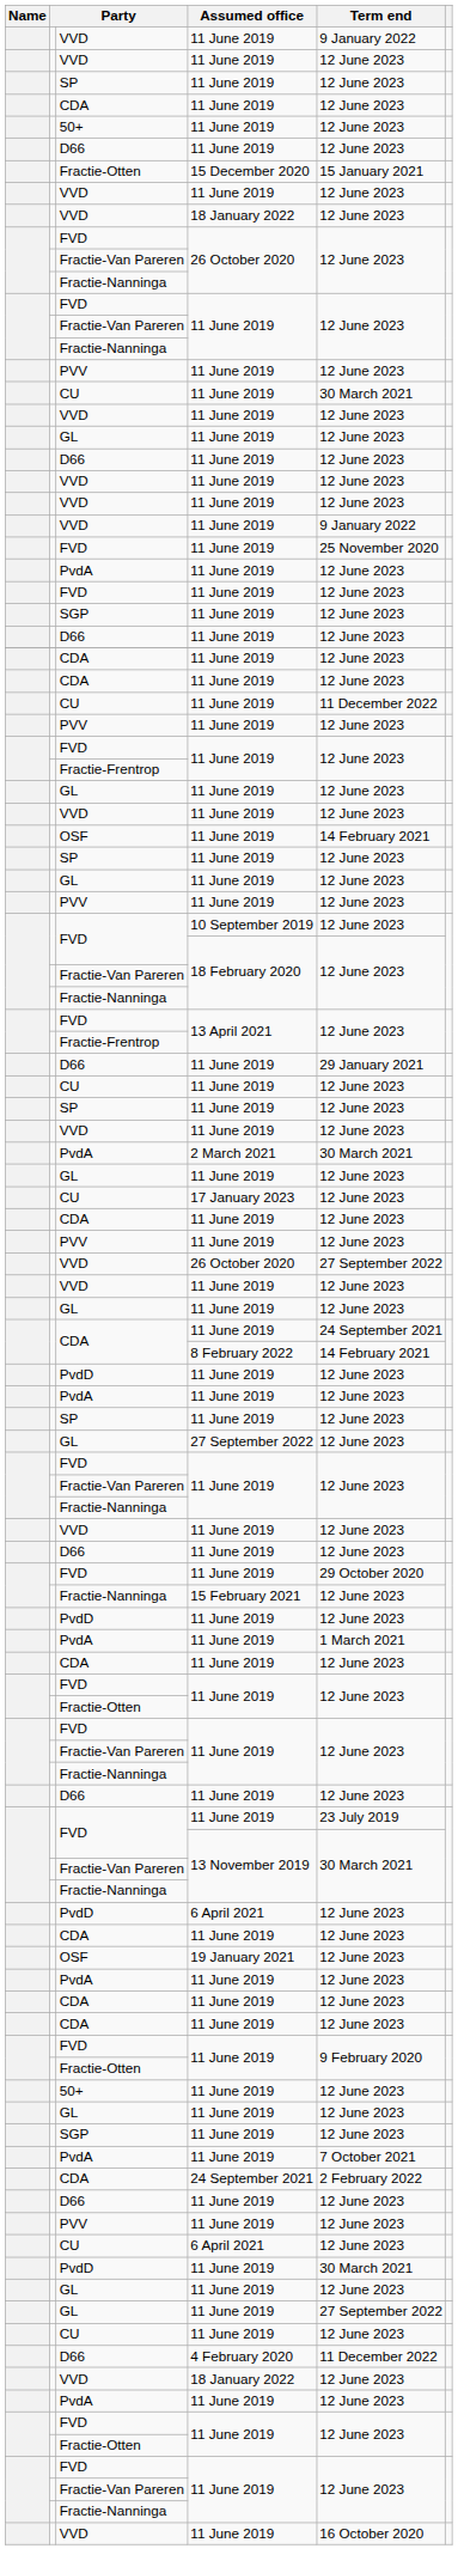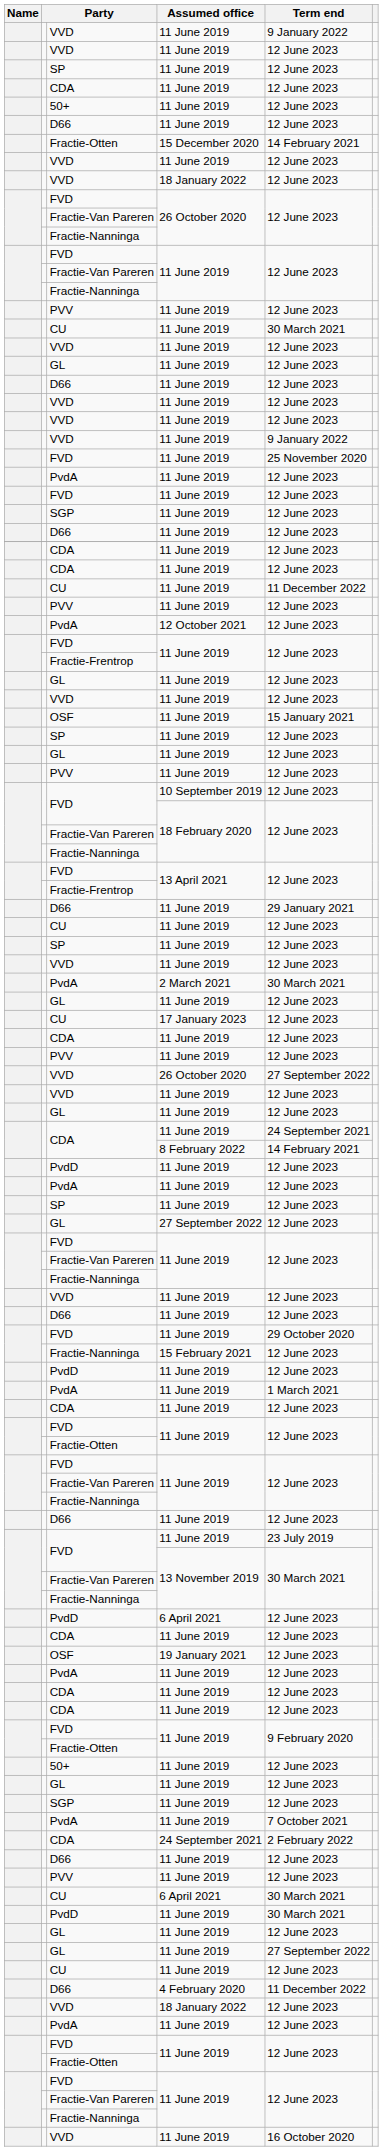 <table class="wikitable sortable">
 <tr>
 <th scope="col">Name</th>
 <th scope="colgroup" colspan=2>Party</th>
 <th scope="col" data-sort-type=date>Assumed office</th>
 <th scope="col" data-sort-type=date>Term end</th>
 <th scope="col" class="unsortable"></th>
 </tr>
 <tr>
 <th scope="row"></th>
 <td style="background-color:"></td>
 <td>VVD</td>
 <td>11 June 2019</td>
 <td>9 January 2022</td>
 <td></td>
 </tr>
 <tr>
 <th scope="row"></th>
 <td style="background-color:"></td>
 <td>VVD</td>
 <td>11 June 2019</td>
 <td>12 June 2023</td>
 <td></td>
 </tr>
 <tr>
 <th scope="row"></th>
 <td style="background-color:"></td>
 <td>SP</td>
 <td>11 June 2019</td>
 <td>12 June 2023</td>
 <td></td>
 </tr>
 <tr>
 <th scope="row"></th>
 <td style="background-color:"></td>
 <td>CDA</td>
 <td>11 June 2019</td>
 <td>12 June 2023</td>
 <td></td>
 </tr>
 <tr>
 <th scope="row"></th>
 <td style="background-color:"></td>
 <td>50+</td>
 <td>11 June 2019</td>
 <td>12 June 2023</td>
 <td></td>
 </tr>
 <tr>
 <th scope="row"></th>
 <td style="background-color:"></td>
 <td>D66</td>
 <td>11 June 2019</td>
 <td>12 June 2023</td>
 <td></td>
 </tr>
 <tr>
 <th scope="row"></th>
 <td style="background-color:"></td>
 <td>Fractie-Otten</td>
 <td>15 December 2020</td>
-<td>15 January 2021</td>
+<td>14 February 2021</td>
 <td></td>
 </tr>
 <tr>
 <th scope="row"></th>
 <td style="background-color:"></td>
 <td>VVD</td>
 <td>11 June 2019</td>
 <td>12 June 2023</td>
 <td></td>
 </tr>
 <tr>
 <th scope="row"></th>
 <td style="background-color:"></td>
 <td>VVD</td>
 <td>18 January 2022</td>
 <td>12 June 2023</td>
 <td></td>
 </tr>
 <tr>
 <th scope="rowgroup" rowspan="3"></th>
 <td style="background-color:"></td>
 <td>FVD</td>
 <td rowspan="3">26 October 2020</td>
 <td rowspan="3">12 June 2023</td>
 <td rowspan="3"></td>
 </tr>
 <tr>
 <td style="background-color:"></td>
 <td>Fractie-Van Pareren</td>
 </tr>
 <tr>
 <td style="background-color:"></td>
 <td>Fractie-Nanninga</td>
 </tr>
 <tr>
 <th scope="rowgroup" rowspan="3"></th>
 <td style="background-color:"></td>
 <td>FVD</td>
 <td rowspan="3">11 June 2019</td>
 <td rowspan="3">12 June 2023</td>
 <td rowspan="3"></td>
 </tr>
 <tr>
 <td style="background-color:"></td>
 <td>Fractie-Van Pareren</td>
 </tr>
 <tr>
 <td style="background-color:"></td>
 <td>Fractie-Nanninga</td>
 </tr>
 <tr>
 <th scope="row"></th>
 <td style="background-color:"></td>
 <td>PVV</td>
 <td>11 June 2019</td>
 <td>12 June 2023</td>
 <td></td>
 </tr>
 <tr>
 <th scope="row"></th>
 <td style="background-color:"></td>
 <td>CU</td>
 <td>11 June 2019</td>
 <td>30 March 2021</td>
 <td></td>
 </tr>
 <tr>
 <th scope="row"></th>
 <td style="background-color:"></td>
 <td>VVD</td>
 <td>11 June 2019</td>
 <td>12 June 2023</td>
 <td></td>
 </tr>
 <tr>
 <th scope="row"></th>
 <td style="background-color:"></td>
 <td>GL</td>
 <td>11 June 2019</td>
 <td>12 June 2023</td>
 <td></td>
 </tr>
 <tr>
 <th scope="row"></th>
 <td style="background-color:"></td>
 <td>D66</td>
 <td>11 June 2019</td>
 <td>12 June 2023</td>
 <td></td>
 </tr>
 <tr>
 <th scope="row"></th>
 <td style="background-color:"></td>
 <td>VVD</td>
 <td>11 June 2019</td>
 <td>12 June 2023</td>
 <td></td>
 </tr>
 <tr>
 <th scope="row"></th>
 <td style="background-color:"></td>
 <td>VVD</td>
 <td>11 June 2019</td>
 <td>12 June 2023</td>
 <td></td>
 </tr>
 <tr>
 <th scope="row"></th>
 <td style="background-color:"></td>
 <td>VVD</td>
 <td>11 June 2019</td>
 <td>9 January 2022</td>
 <td></td>
 </tr>
 <tr>
 <th scope="row"></th>
 <td style="background-color:"></td>
 <td>FVD</td>
 <td>11 June 2019</td>
 <td>25 November 2020</td>
 <td></td>
 </tr>
 <tr>
 <th scope="row"></th>
 <td style="background-color:"></td>
 <td>PvdA</td>
 <td>11 June 2019</td>
 <td>12 June 2023</td>
 <td></td>
 </tr>
 <tr>
 <th scope="row"></th>
 <td style="background-color:"></td>
 <td>FVD</td>
 <td>11 June 2019</td>
 <td>12 June 2023</td>
 <td></td>
 </tr>
 <tr>
 <th scope="row"></th>
 <td style="background-color:"></td>
 <td>SGP</td>
 <td>11 June 2019</td>
 <td>12 June 2023</td>
 <td></td>
 </tr>
 <tr>
 <th scope="row"></th>
 <td style="background-color:"></td>
 <td>D66</td>
 <td>11 June 2019</td>
 <td>12 June 2023</td>
 <td></td>
 </tr>
 <tr>
 </tr>
 <tr>
 <th scope="row"></th>
 <td style="background-color:"></td>
 <td>CDA</td>
 <td>11 June 2019</td>
 <td>12 June 2023</td>
 <td></td>
 </tr>
 <tr>
 <th scope="row"></th>
 <td style="background-color:"></td>
 <td>CDA</td>
 <td>11 June 2019</td>
 <td>12 June 2023</td>
 <td></td>
 </tr>
 <tr>
 <th scope="row"></th>
 <td style="background-color:"></td>
 <td>CU</td>
 <td>11 June 2019</td>
 <td>11 December 2022</td>
 <td></td>
 </tr>
 <tr>
 <th scope="row"></th>
 <td style="background-color:"></td>
 <td>PVV</td>
 <td>11 June 2019</td>
 <td>12 June 2023</td>
 <td></td>
 </tr>
 <tr>
+<th scope="row"></th>
+<td style="background-color:"></td>
+<td>PvdA</td>
+<td>12 October 2021</td>
+<td>12 June 2023</td>
+<td></td>
+</tr>
+<tr>
 <th scope="rowgroup" rowspan="2"></th>
 <td style="background-color:"></td>
 <td>FVD</td>
 <td rowspan="2">11 June 2019</td>
 <td rowspan="2">12 June 2023</td>
 <td rowspan="2"></td>
 </tr>
 <tr>
 <td style="background-color:"></td>
 <td>Fractie-Frentrop</td>
 </tr>
 <tr>
 <th scope="row"></th>
 <td style="background-color:"></td>
 <td>GL</td>
 <td>11 June 2019</td>
 <td>12 June 2023</td>
 <td></td>
 </tr>
 <tr>
 <th scope="row"></th>
 <td style="background-color:"></td>
 <td>VVD</td>
 <td>11 June 2019</td>
 <td>12 June 2023</td>
 <td></td>
 </tr>
 <tr>
 <th scope="row"></th>
 <td style="background-color:"></td>
 <td>OSF</td>
 <td>11 June 2019</td>
-<td>14 February 2021</td>
+<td>15 January 2021</td>
 <td></td>
 </tr>
 <tr>
 <th scope="row"></th>
 <td style="background-color:"></td>
 <td>SP</td>
 <td>11 June 2019</td>
 <td>12 June 2023</td>
 <td></td>
 </tr>
 <tr>
 <th scope="row"></th>
 <td style="background-color:"></td>
 <td>GL</td>
 <td>11 June 2019</td>
 <td>12 June 2023</td>
 <td></td>
 </tr>
 <tr>
 <th scope="row"></th>
 <td style="background-color:"></td>
 <td>PVV</td>
 <td>11 June 2019</td>
 <td>12 June 2023</td>
 <td></td>
 </tr>
 <tr>
 <th scope="rowgroup" rowspan="4"></th>
 <td rowspan="2" style="background-color:"></td>
 <td rowspan="2" style="line-height:1.067"> <br>FVD<br> </td>
 <td>10 September 2019</td>
 <td>12 June 2023</td>
 <td rowspan="4"></td>
 </tr>
 <tr>
 <td rowspan="3">18 February 2020</td>
 <td rowspan="3">12 June 2023</td>
 </tr>
 <tr>
 <td style="background-color:"></td>
 <td>Fractie-Van Pareren</td>
 </tr>
 <tr>
 <td style="background-color:"></td>
 <td>Fractie-Nanninga</td>
 </tr>
 <tr>
 <th scope="rowgroup" rowspan="2"></th>
 <td style="background-color:"></td>
 <td>FVD</td>
 <td rowspan="2">13 April 2021</td>
 <td rowspan="2">12 June 2023</td>
 <td rowspan="2"></td>
 </tr>
 <tr>
 <td style="background-color:"></td>
 <td>Fractie-Frentrop</td>
 </tr>
 <tr>
 <th scope="row"></th>
 <td style="background-color:"></td>
 <td>D66</td>
 <td>11 June 2019</td>
 <td>29 January 2021</td>
 <td></td>
 </tr>
 <tr>
 <th scope="row"></th>
 <td style="background-color:"></td>
 <td>CU</td>
 <td>11 June 2019</td>
 <td>12 June 2023</td>
 <td></td>
 </tr>
 <tr>
 <th scope="row"></th>
 <td style="background-color:"></td>
 <td>SP</td>
 <td>11 June 2019</td>
 <td>12 June 2023</td>
 <td></td>
 </tr>
 <tr>
 <th scope="row"></th>
 <td style="background-color:"></td>
 <td>VVD</td>
 <td>11 June 2019</td>
 <td>12 June 2023</td>
 <td></td>
 </tr>
 <tr>
 <th scope="row"></th>
 <td style="background-color:"></td>
 <td>PvdA</td>
 <td>2 March 2021</td>
 <td>30 March 2021</td>
 <td></td>
 </tr>
 <tr>
 <th scope="row"></th>
 <td style="background-color:"></td>
 <td>GL</td>
 <td>11 June 2019</td>
 <td>12 June 2023</td>
 <td></td>
 </tr>
 <tr>
 <th scope="row"></th>
 <td style="background-color:"></td>
 <td>CU</td>
 <td>17 January 2023</td>
 <td>12 June 2023</td>
 <td></td>
 </tr>
 <tr>
 <th scope="row"></th>
 <td style="background-color:"></td>
 <td>CDA</td>
 <td>11 June 2019</td>
 <td>12 June 2023</td>
 <td></td>
 </tr>
 <tr>
 <th scope="row"></th>
 <td style="background-color:"></td>
 <td>PVV</td>
 <td>11 June 2019</td>
 <td>12 June 2023</td>
 <td></td>
 </tr>
 <tr>
 <th scope="row"></th>
 <td style="background-color:"></td>
 <td>VVD</td>
 <td>26 October 2020</td>
 <td>27 September 2022</td>
 <td></td>
 </tr>
 <tr>
 <th scope="row"></th>
 <td style="background-color:"></td>
 <td>VVD</td>
 <td>11 June 2019</td>
 <td>12 June 2023</td>
 <td></td>
 </tr>
 <tr>
 <th scope="row"></th>
 <td style="background-color:"></td>
 <td>GL</td>
 <td>11 June 2019</td>
 <td>12 June 2023</td>
 <td></td>
 </tr>
 <tr>
 <th scope="rowgroup" rowspan="2"></th>
 <td rowspan="2" style="background-color:"></td>
 <td rowspan="2">CDA</td>
 <td>11 June 2019</td>
 <td>24 September 2021</td>
 <td rowspan="2"></td>
 </tr>
 <tr>
 <td>8 February 2022</td>
 <td>14 February 2021</td>
 </tr>
 <tr>
 <th scope="row"></th>
 <td style="background-color:"></td>
 <td>PvdD</td>
 <td>11 June 2019</td>
 <td>12 June 2023</td>
 <td></td>
 </tr>
 <tr>
 <th scope="row"></th>
 <td style="background-color:"></td>
 <td>PvdA</td>
 <td>11 June 2019</td>
 <td>12 June 2023</td>
 <td></td>
 </tr>
 <tr>
 <th scope="row"></th>
 <td style="background-color:"></td>
 <td>SP</td>
 <td>11 June 2019</td>
 <td>12 June 2023</td>
 <td></td>
 </tr>
 <tr>
 <th scope="row"></th>
 <td style="background-color:"></td>
 <td>GL</td>
 <td>27 September 2022</td>
 <td>12 June 2023</td>
 <td></td>
 </tr>
 <tr>
 <th scope="rowgroup" rowspan="3"></th>
 <td style="background-color:"></td>
 <td>FVD</td>
 <td rowspan="3">11 June 2019</td>
 <td rowspan="3">12 June 2023</td>
 <td rowspan="3"></td>
 </tr>
 <tr>
 <td style="background-color:"></td>
 <td>Fractie-Van Pareren</td>
 </tr>
 <tr>
 <td style="background-color:"></td>
 <td>Fractie-Nanninga</td>
 </tr>
 <tr>
 <th scope="row"></th>
 <td style="background-color:"></td>
 <td>VVD</td>
 <td>11 June 2019</td>
 <td>12 June 2023</td>
 <td></td>
 </tr>
 <tr>
 <th scope="row"></th>
 <td style="background-color:"></td>
 <td>D66</td>
 <td>11 June 2019</td>
 <td>12 June 2023</td>
 <td></td>
 </tr>
 <tr>
 <th scope="rowgroup" rowspan="2"></th>
 <td style="background-color:"></td>
 <td>FVD</td>
 <td>11 June 2019</td>
 <td>29 October 2020</td>
 <td rowspan="2"></td>
 </tr>
 <tr>
 <td style="background-color:"></td>
 <td>Fractie-Nanninga</td>
 <td>15 February 2021</td>
 <td>12 June 2023</td>
 </tr>
 <tr>
 <th scope="row"></th>
 <td style="background-color:"></td>
 <td>PvdD</td>
 <td>11 June 2019</td>
 <td>12 June 2023</td>
 <td></td>
 </tr>
 <tr>
 <th scope="row"></th>
 <td style="background-color:"></td>
 <td>PvdA</td>
 <td>11 June 2019</td>
 <td>1 March 2021</td>
 <td></td>
 </tr>
 <tr>
 <th scope="row"></th>
 <td style="background-color:"></td>
 <td>CDA</td>
 <td>11 June 2019</td>
 <td>12 June 2023</td>
 <td></td>
 </tr>
 <tr>
 <th scope="rowgroup" rowspan="2"></th>
 <td style="background-color:"></td>
 <td>FVD</td>
 <td rowspan="2">11 June 2019</td>
 <td rowspan="2">12 June 2023</td>
 <td rowspan="2"></td>
 </tr>
 <tr>
 <td style="background-color:"></td>
 <td>Fractie-Otten</td>
 </tr>
 <tr>
 <th scope="rowgroup" rowspan="3"></th>
 <td style="background-color:"></td>
 <td>FVD</td>
 <td rowspan="3">11 June 2019</td>
 <td rowspan="3">12 June 2023</td>
 <td rowspan="3"></td>
 </tr>
 <tr>
 <td style="background-color:"></td>
 <td>Fractie-Van Pareren</td>
 </tr>
 <tr>
 <td style="background-color:"></td>
 <td>Fractie-Nanninga</td>
 </tr>
 <tr>
 <th scope="row"></th>
 <td style="background-color:"></td>
 <td>D66</td>
 <td>11 June 2019</td>
 <td>12 June 2023</td>
 <td></td>
 </tr>
 <tr>
 <th scope="rowgroup" rowspan="4"></th>
 <td rowspan="2" style="background-color:"></td>
 <td rowspan="2" style="line-height:1.067"> <br>FVD<br> </td>
 <td>11 June 2019</td>
 <td>23 July 2019</td>
 <td rowspan="4"></td>
 </tr>
 <tr>
 <td rowspan="3">13 November 2019</td>
 <td rowspan="3">30 March 2021</td>
 </tr>
 <tr>
 <td style="background-color:"></td>
 <td>Fractie-Van Pareren</td>
 </tr>
 <tr>
 <td style="background-color:"></td>
 <td>Fractie-Nanninga</td>
 </tr>
 <tr>
 <th scope="row"></th>
 <td style="background-color:"></td>
 <td>PvdD</td>
 <td>6 April 2021</td>
 <td>12 June 2023</td>
 <td></td>
 </tr>
 <tr>
 <th scope="row"></th>
 <td style="background-color:"></td>
 <td>CDA</td>
 <td>11 June 2019</td>
 <td>12 June 2023</td>
 <td></td>
 </tr>
 <tr>
 <th scope="row"></th>
 <td style="background-color:"></td>
 <td>OSF</td>
 <td>19 January 2021</td>
 <td>12 June 2023</td>
 <td></td>
 </tr>
 <tr>
 <th scope="row"></th>
 <td style="background-color:"></td>
 <td>PvdA</td>
 <td>11 June 2019</td>
 <td>12 June 2023</td>
 <td></td>
 </tr>
 <tr>
 <th scope="row"></th>
 <td style="background-color:"></td>
 <td>CDA</td>
 <td>11 June 2019</td>
 <td>12 June 2023</td>
 <td></td>
 </tr>
 <tr>
 <th scope="row"></th>
 <td style="background-color:"></td>
 <td>CDA</td>
 <td>11 June 2019</td>
 <td>12 June 2023</td>
 <td></td>
 </tr>
 <tr>
 <th scope="rowgroup" rowspan="2"></th>
 <td style="background-color:"></td>
 <td>FVD</td>
 <td rowspan="2">11 June 2019</td>
 <td rowspan="2">9 February 2020</td>
 <td rowspan="2"></td>
 </tr>
 <tr>
 <td style="background-color:"></td>
 <td>Fractie-Otten</td>
 </tr>
 <tr>
 <th scope="row"></th>
 <td style="background-color:"></td>
 <td>50+</td>
 <td>11 June 2019</td>
 <td>12 June 2023</td>
 <td></td>
 </tr>
 <tr>
 <th scope="row"></th>
 <td style="background-color:"></td>
 <td>GL</td>
 <td>11 June 2019</td>
 <td>12 June 2023</td>
 <td></td>
 </tr>
 <tr>
 <th scope="row"></th>
 <td style="background-color:"></td>
 <td>SGP</td>
 <td>11 June 2019</td>
 <td>12 June 2023</td>
 <td></td>
 </tr>
 <tr>
 <th scope="row"></th>
 <td style="background-color:"></td>
 <td>PvdA</td>
 <td>11 June 2019</td>
 <td>7 October 2021</td>
 <td></td>
 </tr>
 <tr>
 <th scope="row"></th>
 <td style="background-color:"></td>
 <td>CDA</td>
 <td>24 September 2021</td>
 <td>2 February 2022</td>
 <td></td>
 </tr>
 <tr>
 <th scope="row"></th>
 <td style="background-color:"></td>
 <td>D66</td>
 <td>11 June 2019</td>
 <td>12 June 2023</td>
 <td></td>
 </tr>
 <tr>
 <th scope="row"></th>
 <td style="background-color:"></td>
 <td>PVV</td>
 <td>11 June 2019</td>
 <td>12 June 2023</td>
 <td></td>
 </tr>
 <tr>
 <th scope="row"></th>
 <td style="background-color:"></td>
 <td>CU</td>
 <td>6 April 2021</td>
-<td>12 June 2023</td>
+<td>30 March 2021</td>
 <td></td>
 </tr>
 <tr>
 <th scope="row"></th>
 <td style="background-color:"></td>
 <td>PvdD</td>
 <td>11 June 2019</td>
 <td>30 March 2021</td>
 <td></td>
 </tr>
 <tr>
 <th scope="row"></th>
 <td style="background-color:"></td>
 <td>GL</td>
 <td>11 June 2019</td>
 <td>12 June 2023</td>
 <td></td>
 </tr>
 <tr>
 <th scope="row"></th>
 <td style="background-color:"></td>
 <td>GL</td>
 <td>11 June 2019</td>
 <td>27 September 2022</td>
 <td></td>
 </tr>
 <tr>
 <th scope="row"></th>
 <td style="background-color:"></td>
 <td>CU</td>
 <td>11 June 2019</td>
 <td>12 June 2023</td>
 <td></td>
 </tr>
 <tr>
 <th scope="row"></th>
 <td style="background-color:"></td>
 <td>D66</td>
 <td>4 February 2020</td>
 <td>11 December 2022</td>
 <td></td>
 </tr>
 <tr>
 <th scope="row"></th>
 <td style="background-color:"></td>
 <td>VVD</td>
 <td>18 January 2022</td>
 <td>12 June 2023</td>
 <td></td>
 </tr>
 <tr>
 <th scope="row"></th>
 <td style="background-color:"></td>
 <td>PvdA</td>
 <td>11 June 2019</td>
 <td>12 June 2023</td>
 <td></td>
 </tr>
 <tr>
 <th scope="rowgroup" rowspan="2"></th>
 <td style="background-color:"></td>
 <td>FVD</td>
 <td rowspan="2">11 June 2019</td>
 <td rowspan="2">12 June 2023</td>
 <td rowspan="2"></td>
 </tr>
 <tr>
 <td style="background-color:"></td>
 <td>Fractie-Otten</td>
 </tr>
 <tr>
 <th scope="rowgroup" rowspan="3"></th>
 <td style="background-color:"></td>
 <td>FVD</td>
 <td rowspan="3">11 June 2019</td>
 <td rowspan="3">12 June 2023</td>
 <td rowspan="3"></td>
 </tr>
 <tr>
 <td style="background-color:"></td>
 <td>Fractie-Van Pareren</td>
 </tr>
 <tr>
 <td style="background-color:"></td>
 <td>Fractie-Nanninga</td>
 </tr>
 <tr>
 <th scope="row"></th>
 <td style="background-color:"></td>
 <td>VVD</td>
 <td>11 June 2019</td>
 <td>16 October 2020</td>
 <td></td>
 </tr>
 </table>
